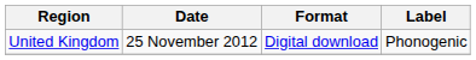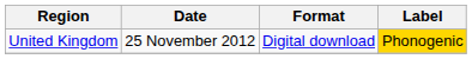 <table class=wikitable>
 <tr>
 <th>Region</th>
 <th>Date</th>
 <th>Format</th>
 <th>Label</th>
 </tr>
 <tr>
 <td><a href='#'>United Kingdom</a></td>
 <td>25 November 2012</td>
 <td><a href='#'>Digital download</a></td>
-<td>Phonogenic</td>
+<td style="background: gold;">Phonogenic</td>
 </tr>
 <tr>
 </tr>
 </table>
